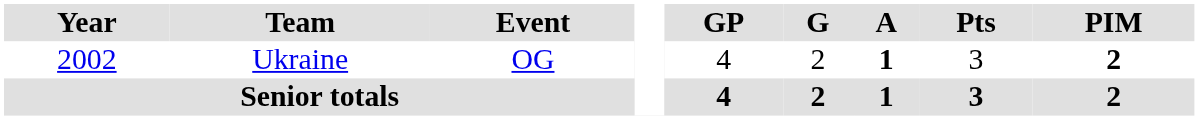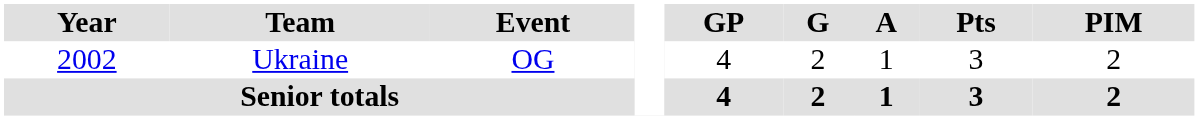 <table border="0" cellpadding="1" cellspacing="0" style="text-align:center; width:40em">
 <tr ALIGN="center" bgcolor="#e0e0e0">
 <th>Year</th>
 <th>Team</th>
 <th>Event</th>
 <th ALIGN="center" rowspan="99" bgcolor="#ffffff"> </th>
 <th>GP</th>
 <th>G</th>
 <th>A</th>
 <th>Pts</th>
 <th>PIM</th>
 </tr>
 <tr>
 <td><a href='#'>2002</a></td>
 <td><a href='#'>Ukraine</a></td>
 <td><a href='#'>OG</a></td>
 <td>4</td>
 <td>2</td>
-<td><strong>1</strong></td>
+<td>1</td>
 <td>3</td>
-<td><strong>2</strong></td>
+<td>2</td>
 </tr>
 <tr bgcolor="#e0e0e0">
 <th colspan="3">Senior totals</th>
 <th>4</th>
 <th>2</th>
 <th>1</th>
 <th>3</th>
 <th>2</th>
 </tr>
 </table>
